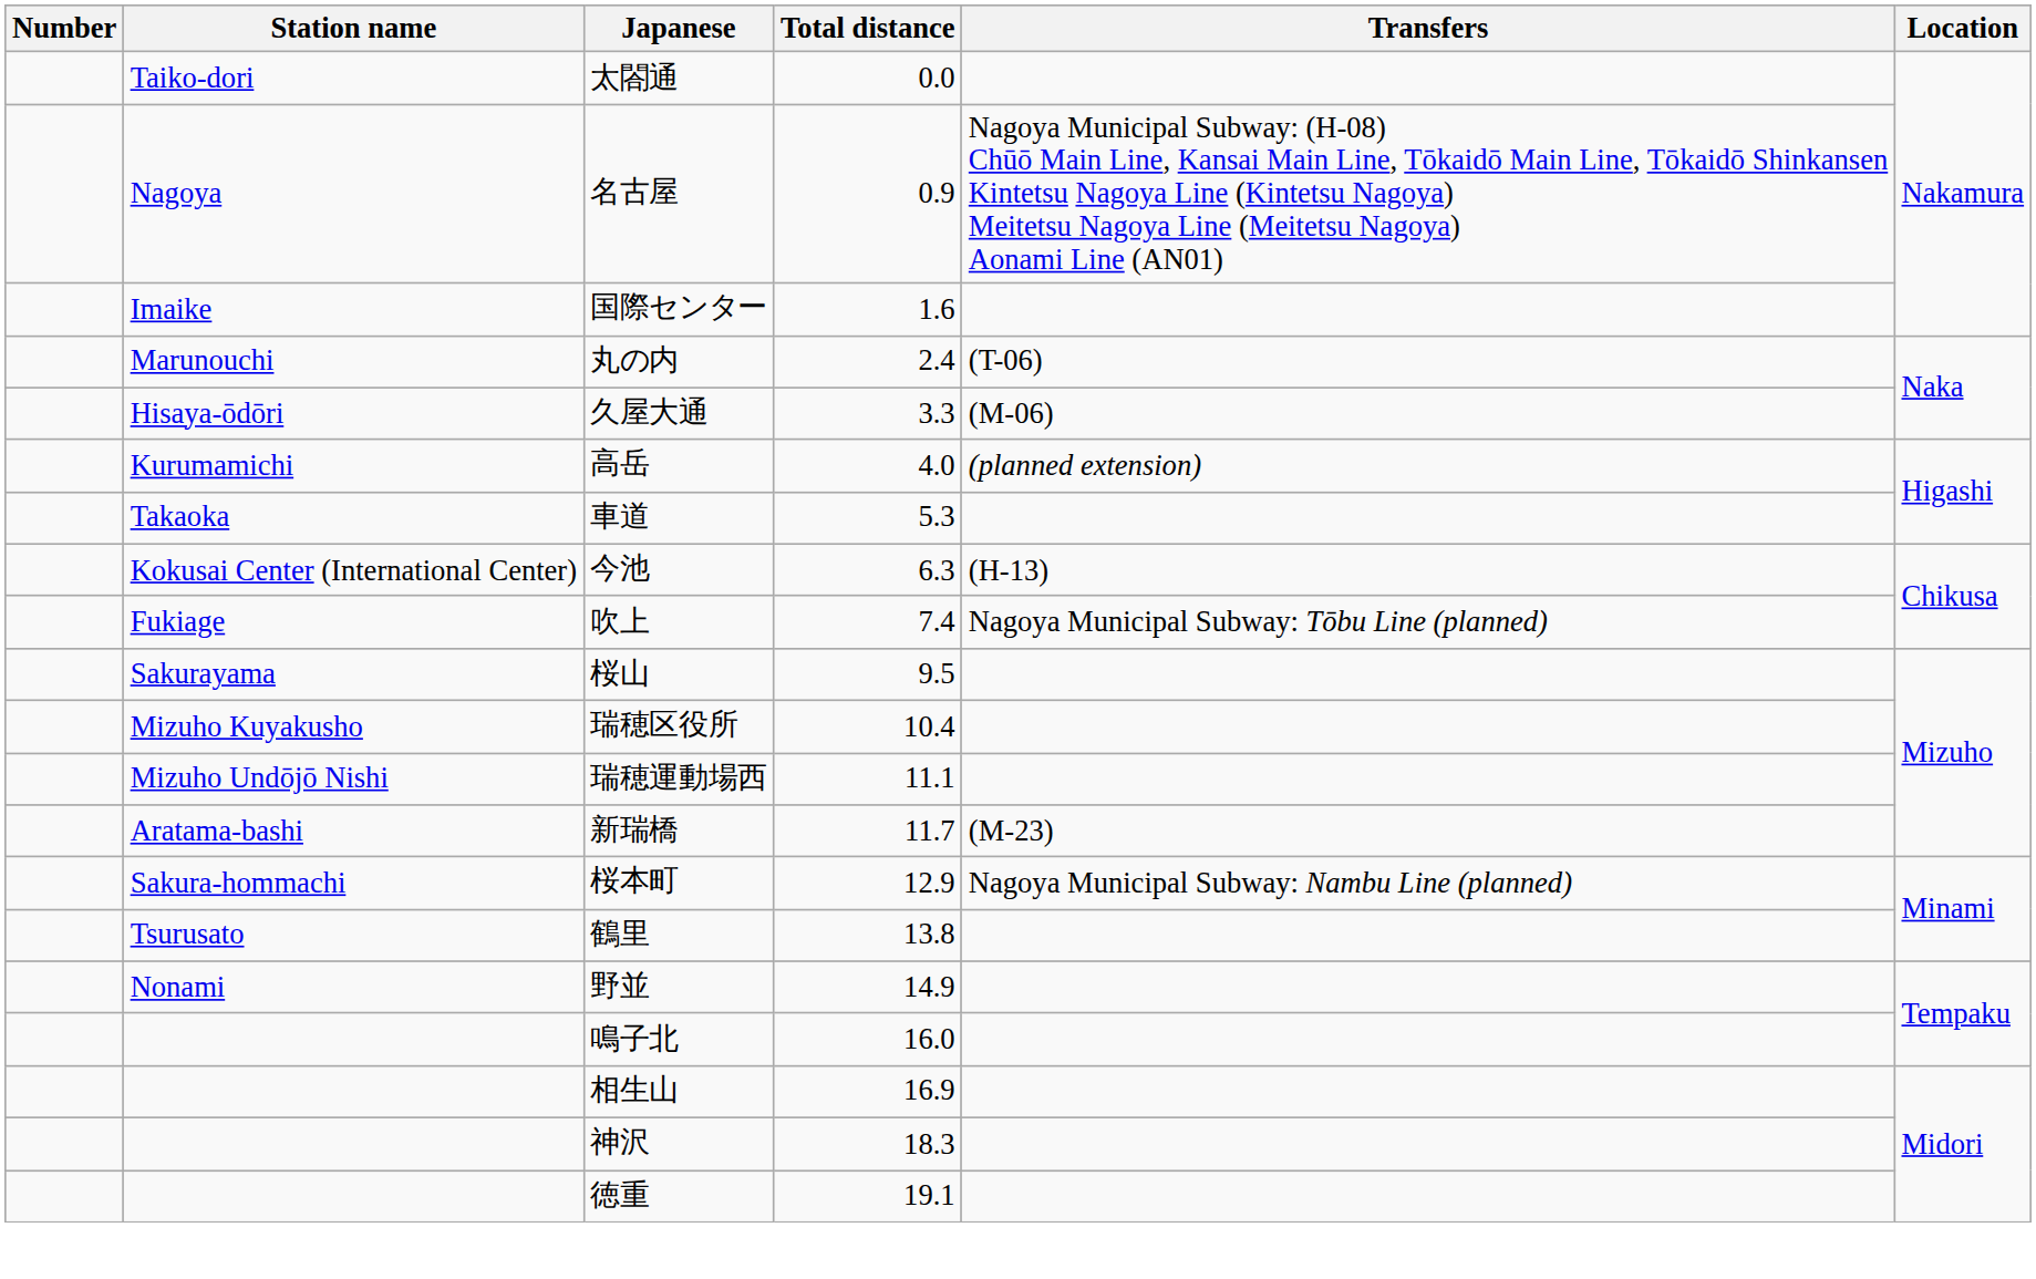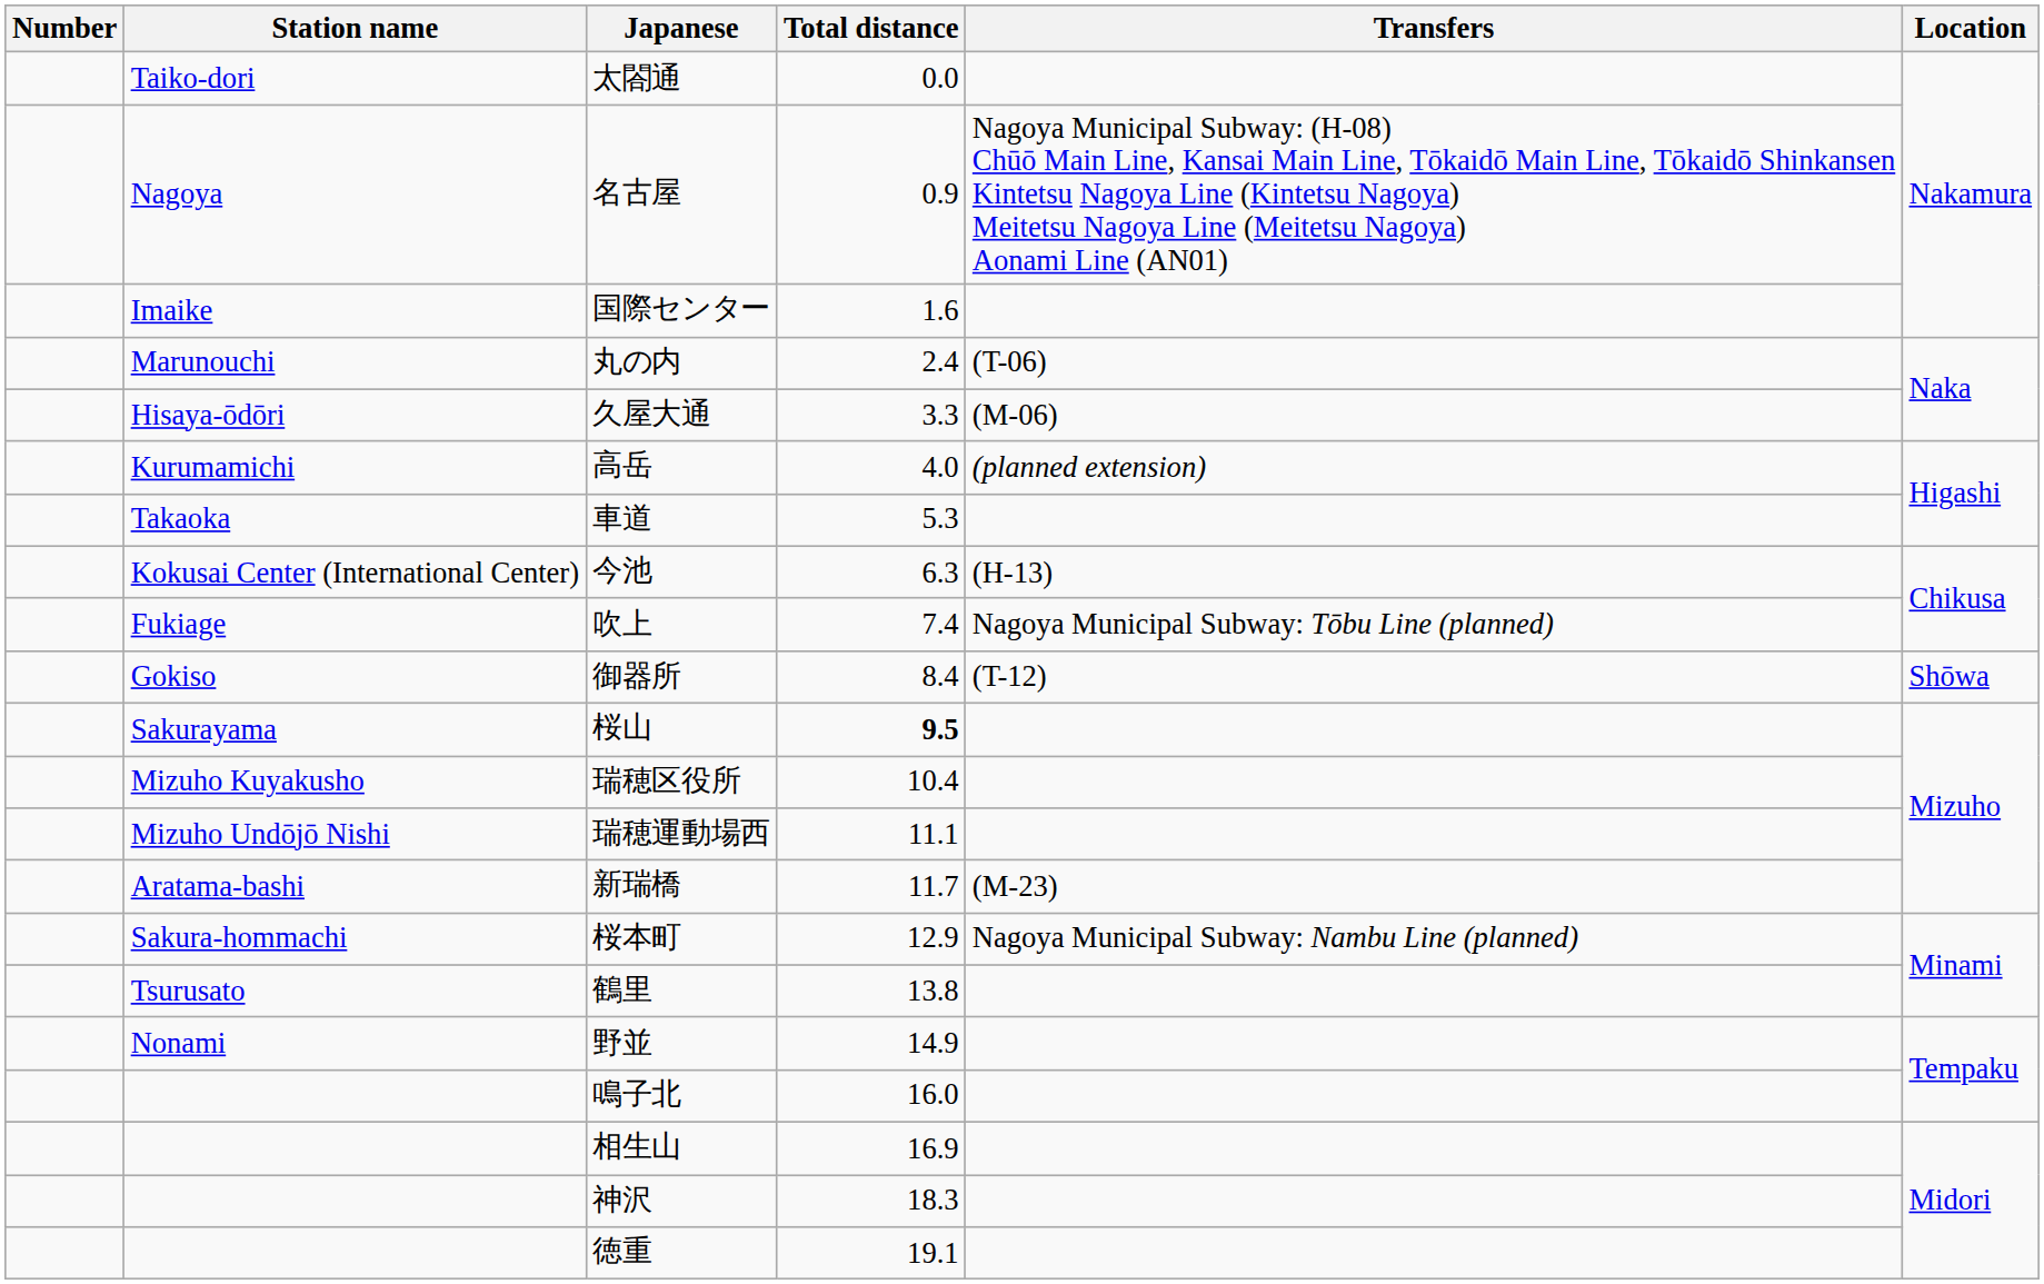 <table class="wikitable">
 <tr>
 <th style="border-bottom:3px solid #">Number</th>
 <th style="border-bottom:3px solid #">Station name</th>
 <th style="border-bottom:3px solid #">Japanese</th>
 <th style="border-bottom:3px solid #">Total distance</th>
 <th style="border-bottom:3px solid #">Transfers</th>
 <th style="border-bottom:3px solid #">Location</th>
 </tr>
 <tr>
 <td></td>
 <td><a href='#'>Taiko-dori</a></td>
 <td>太閤通</td>
 <td align="right">0.0</td>
 <td></td>
 <td rowspan="3"><a href='#'>Nakamura</a></td>
 </tr>
 <tr>
 <td></td>
 <td><a href='#'>Nagoya</a></td>
 <td>名古屋</td>
 <td align="right">0.9</td>
 <td>Nagoya Municipal Subway:  (H-08)<br><a href='#'>Chūō Main Line</a>, <a href='#'>Kansai Main Line</a>, <a href='#'>Tōkaidō Main Line</a>, <a href='#'>Tōkaidō Shinkansen</a><br><a href='#'>Kintetsu</a> <a href='#'>Nagoya Line</a> (<a href='#'>Kintetsu Nagoya</a>)<br><a href='#'>Meitetsu Nagoya Line</a> (<a href='#'>Meitetsu Nagoya</a>)<br><a href='#'>Aonami Line</a> (AN01)</td>
 </tr>
 <tr>
 <td></td>
 <td><a href='#'>Imaike</a></td>
 <td>国際センター</td>
 <td align="right">1.6</td>
 <td></td>
 </tr>
 <tr>
 <td></td>
 <td><a href='#'>Marunouchi</a></td>
 <td>丸の内</td>
 <td align="right">2.4</td>
 <td> (T-06)</td>
 <td rowspan="2"><a href='#'>Naka</a></td>
 </tr>
 <tr>
 <td></td>
 <td><a href='#'>Hisaya-ōdōri</a></td>
 <td>久屋大通</td>
 <td align="right">3.3</td>
 <td> (M-06)</td>
 </tr>
 <tr>
 <td></td>
 <td><a href='#'>Kurumamichi</a></td>
 <td>高岳</td>
 <td align="right">4.0</td>
 <td><em> (planned extension)</em></td>
 <td rowspan="2"><a href='#'>Higashi</a></td>
 </tr>
 <tr>
 <td></td>
 <td><a href='#'>Takaoka</a></td>
 <td>車道</td>
 <td align="right">5.3</td>
 <td></td>
 </tr>
 <tr>
 <td></td>
 <td><a href='#'>Kokusai Center</a> (International Center)</td>
 <td>今池</td>
 <td align="right">6.3</td>
 <td> (H-13)</td>
 <td rowspan="2"><a href='#'>Chikusa</a></td>
 </tr>
 <tr>
 <td></td>
 <td><a href='#'>Fukiage</a></td>
 <td>吹上</td>
 <td align="right">7.4</td>
 <td>Nagoya Municipal Subway: <em>Tōbu Line (planned)</em></td>
 </tr>
 <tr>
 <td></td>
+<td><a href='#'>Gokiso</a></td>
+<td>御器所</td>
+<td align="right">8.4</td>
+<td> (T-12)</td>
+<td><a href='#'>Shōwa</a></td>
+</tr>
+<tr>
+<td></td>
 <td><a href='#'>Sakurayama</a></td>
 <td>桜山</td>
-<td align="right">9.5</td>
+<td align="right"><strong>9.5</strong></td>
 <td></td>
 <td rowspan="4"><a href='#'>Mizuho</a></td>
 </tr>
 <tr>
 <td></td>
 <td><a href='#'>Mizuho Kuyakusho</a></td>
 <td>瑞穂区役所</td>
 <td align="right">10.4</td>
 <td></td>
 </tr>
 <tr>
 <td></td>
 <td><a href='#'>Mizuho Undōjō Nishi</a></td>
 <td>瑞穂運動場西</td>
 <td align="right">11.1</td>
 <td></td>
 </tr>
 <tr>
 <td></td>
 <td><a href='#'>Aratama-bashi</a></td>
 <td>新瑞橋</td>
 <td align="right">11.7</td>
 <td> (M-23)</td>
 </tr>
 <tr>
 <td></td>
 <td><a href='#'>Sakura-hommachi</a></td>
 <td>桜本町</td>
 <td align="right">12.9</td>
 <td>Nagoya Municipal Subway: <em>Nambu Line (planned)</em></td>
 <td rowspan="2"><a href='#'>Minami</a></td>
 </tr>
 <tr>
 <td></td>
 <td><a href='#'>Tsurusato</a></td>
 <td>鶴里</td>
 <td align="right">13.8</td>
 <td></td>
 </tr>
 <tr>
 <td></td>
 <td><a href='#'>Nonami</a></td>
 <td>野並</td>
 <td align="right">14.9</td>
 <td></td>
 <td rowspan="2"><a href='#'>Tempaku</a></td>
 </tr>
 <tr>
 <td></td>
 <td></td>
 <td>鳴子北</td>
 <td align="right">16.0</td>
 <td></td>
 </tr>
 <tr>
 <td></td>
 <td></td>
 <td>相生山</td>
 <td align="right">16.9</td>
 <td></td>
 <td rowspan="3"><a href='#'>Midori</a></td>
 </tr>
 <tr>
 <td></td>
 <td></td>
 <td>神沢</td>
 <td align="right">18.3</td>
 <td></td>
 </tr>
 <tr>
 <td></td>
 <td></td>
 <td>徳重</td>
 <td align="right">19.1</td>
 <td></td>
 </tr>
 </table>
